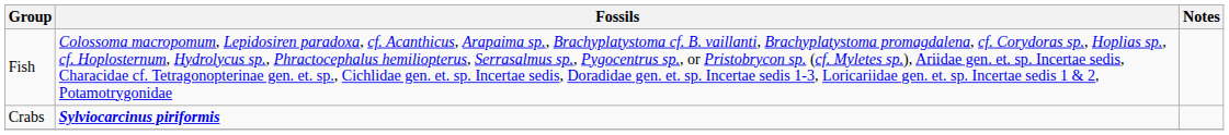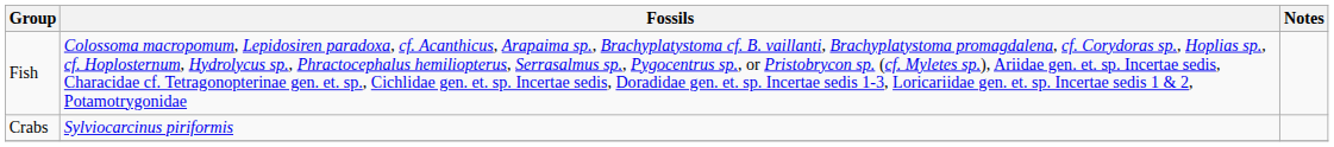 <table class="wikitable sortable mw-collapsible" width=100%>
 <tr>
 <th>Group</th>
 <th>Fossils</th>
 <th>Notes</th>
 </tr>
 <tr>
 <td>Fish</td>
 <td><em><a href='#'>Colossoma macropomum</a></em>, <em><a href='#'>Lepidosiren paradoxa</a></em>, <em><a href='#'>cf. Acanthicus</a></em>, <em><a href='#'>Arapaima sp.</a></em>, <em><a href='#'>Brachyplatystoma cf. B. vaillanti</a></em>, <em><a href='#'>Brachyplatystoma promagdalena</a></em>, <em><a href='#'>cf. Corydoras sp.</a></em>, <em><a href='#'>Hoplias sp.</a></em>, <em><a href='#'>cf. Hoplosternum</a></em>, <em><a href='#'>Hydrolycus sp.</a></em>, <em><a href='#'>Phractocephalus hemiliopterus</a></em>, <em><a href='#'>Serrasalmus sp.</a></em>, <em><a href='#'>Pygocentrus sp.</a></em>, or <em><a href='#'>Pristobrycon sp.</a></em> (<em><a href='#'>cf. Myletes sp.</a></em>), <a href='#'>Ariidae gen. et. sp. Incertae sedis</a>, <a href='#'>Characidae cf. Tetragonopterinae gen. et. sp.</a>, <a href='#'>Cichlidae gen. et. sp. Incertae sedis</a>, <a href='#'>Doradidae gen. et. sp. Incertae sedis 1-3</a>, <a href='#'>Loricariidae gen. et. sp. Incertae sedis 1 & 2</a>, <a href='#'>Potamotrygonidae</a></td>
 <td></td>
 </tr>
 <tr>
 <td>Crabs</td>
-<td><strong><em><a href='#'>Sylviocarcinus piriformis</a></em></strong></td>
+<td><em><a href='#'>Sylviocarcinus piriformis</a></em></td>
 <td></td>
 </tr>
 <tr>
 </tr>
 </table>
